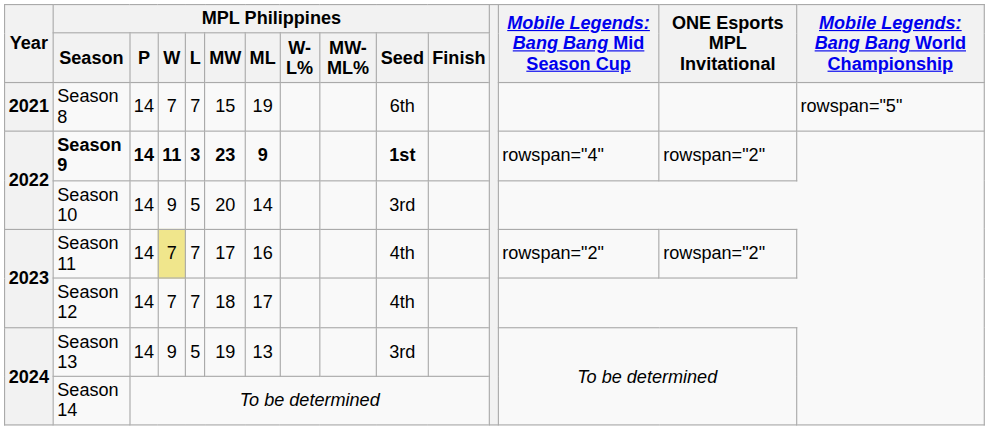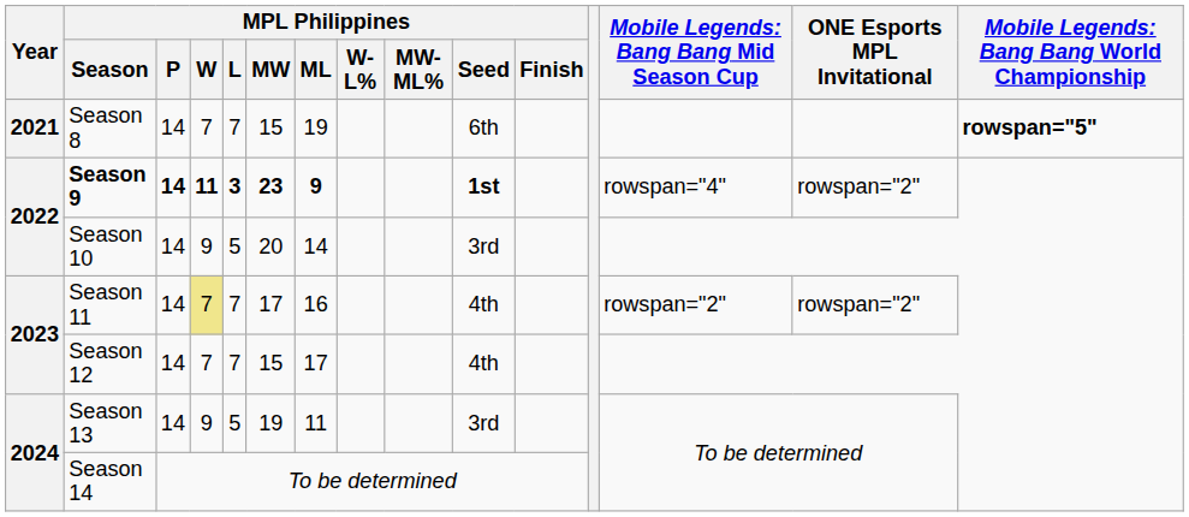 <table class="wikitable">
 <tr>
 <th rowspan="2">Year</th>
 <th colspan="10">MPL Philippines</th>
 <th rowspan="9"></th>
 <th rowspan="2"><a href='#'><em>Mobile Legends: Bang Bang</em> Mid Season Cup</a></th>
 <th rowspan="2">ONE Esports MPL Invitational</th>
 <th rowspan="2"><a href='#'><em>Mobile Legends: Bang Bang</em> World Championship</a></th>
 </tr>
 <tr>
 <th>Season</th>
 <th>P</th>
 <th>W</th>
 <th>L</th>
 <th>MW</th>
 <th>ML</th>
 <th>W-L%</th>
 <th>MW-ML%</th>
 <th>Seed</th>
 <th>Finish</th>
 </tr>
 <tr>
 <th>2021</th>
 <td>Season 8</td>
 <td style="text-align:center;">14</td>
 <td style="text-align:center;">7</td>
 <td style="text-align:center;">7</td>
 <td style="text-align:center;">15</td>
 <td style="text-align:center;">19</td>
 <td style="text-align:center;"></td>
 <td style="text-align:center;"></td>
 <td style="text-align:center;">6th</td>
 <td></td>
 <td></td>
 <td></td>
-<td>rowspan="5" </td>
+<td><strong>rowspan="5" </strong></td>
 </tr>
 <tr>
 <th rowspan="2">2022</th>
 <td><strong>Season 9</strong></td>
 <td style="text-align:center;"><strong>14</strong></td>
 <td style="text-align:center;"><strong>11</strong></td>
 <td style="text-align:center;"><strong>3</strong></td>
 <td style="text-align:center;"><strong>23</strong></td>
 <td style="text-align:center;"><strong>9</strong></td>
 <td style="text-align:center;"><strong></strong></td>
 <td style="text-align:center;"><strong></strong></td>
 <td style="text-align:center;"><strong>1st</strong></td>
 <td></td>
 <td>rowspan="4" </td>
 <td>rowspan="2" </td>
 </tr>
 <tr>
 <td>Season 10</td>
 <td style="text-align:center;">14</td>
 <td style="text-align:center;">9</td>
 <td style="text-align:center;">5</td>
 <td style="text-align:center;">20</td>
 <td style="text-align:center;">14</td>
 <td style="text-align:center;"></td>
 <td style="text-align:center;"></td>
 <td style="text-align:center;">3rd</td>
 <td></td>
 </tr>
 <tr>
 <th rowspan="2">2023</th>
 <td>Season 11</td>
 <td style="text-align:center;">14</td>
 <td style="background: khaki; text-align:center;">7</td>
 <td style="text-align:center;">7</td>
 <td style="text-align:center;">17</td>
 <td style="text-align:center;">16</td>
 <td style="text-align:center;"></td>
 <td style="text-align:center;"></td>
 <td style="text-align:center;">4th</td>
 <td></td>
 <td>rowspan="2" </td>
 <td>rowspan="2" </td>
 </tr>
 <tr>
 <td>Season 12</td>
 <td style="text-align:center;">14</td>
 <td style="text-align:center;">7</td>
 <td style="text-align:center;">7</td>
-<td style="text-align:center;">18</td>
+<td style="text-align:center;">15</td>
 <td style="text-align:center;">17</td>
 <td style="text-align:center;"></td>
 <td style="text-align:center;"></td>
 <td style="text-align:center;">4th</td>
 <td></td>
 </tr>
 <tr>
 <th rowspan="2">2024</th>
 <td>Season 13</td>
 <td style="text-align:center;">14</td>
 <td style="text-align:center;">9</td>
 <td style="text-align:center;">5</td>
 <td style="text-align:center;">19</td>
-<td style="text-align:center;">13</td>
+<td style="text-align:center;">11</td>
 <td style="text-align:center;"></td>
 <td style="text-align:center;"></td>
 <td style="text-align:center;">3rd</td>
 <td></td>
 <td colspan="2" rowspan="2" style="text-align:center;"><em>To be determined</em></td>
 </tr>
 <tr>
 <td>Season 14</td>
 <td colspan="9" style="text-align:center;"><em>To be determined</em></td>
 </tr>
 </table>
